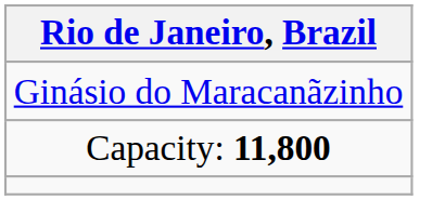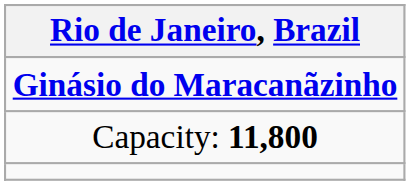 <table class=wikitable style=text-align:center>
 <tr>
 <th> <a href='#'>Rio de Janeiro</a>, <a href='#'>Brazil</a></th>
 </tr>
 <tr>
-<td><a href='#'>Ginásio do Maracanãzinho</a></td>
+<td><strong><a href='#'>Ginásio do Maracanãzinho</a></strong></td>
 </tr>
 <tr>
 <td>Capacity: <strong>11,800</strong></td>
 </tr>
 <tr>
 <td></td>
 </tr>
 </table>
